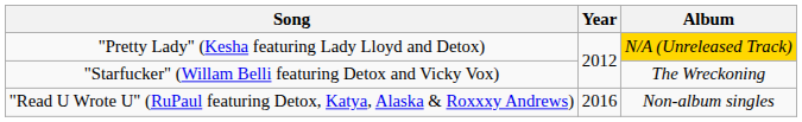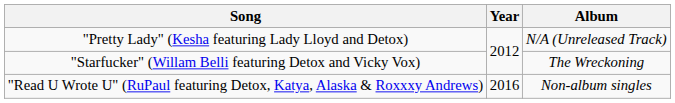 <table class="wikitable plainrowheaders" style="text-align:center;">
 <tr>
 <th scope="col">Song</th>
 <th scope="col">Year</th>
 <th scope="col">Album</th>
 </tr>
 <tr>
 <td>"Pretty Lady" <span>(<a href='#'>Kesha</a> featuring Lady Lloyd and Detox)</span></td>
 <td rowspan="2">2012</td>
-<td style="background: gold;"><em>N/A (Unreleased Track)</em></td>
+<td><em>N/A (Unreleased Track)</em></td>
 </tr>
 <tr>
 <td>"Starfucker" <span>(<a href='#'>Willam Belli</a> featuring Detox and Vicky Vox)</span></td>
 <td><em>The Wreckoning</em></td>
 </tr>
 <tr>
 <td>"Read U Wrote U" <span>(<a href='#'>RuPaul</a> featuring Detox, <a href='#'>Katya</a>, <a href='#'>Alaska</a> & <a href='#'>Roxxxy Andrews</a>)</span></td>
 <td>2016</td>
 <td><em>Non-album singles</em></td>
 </tr>
 </table>
